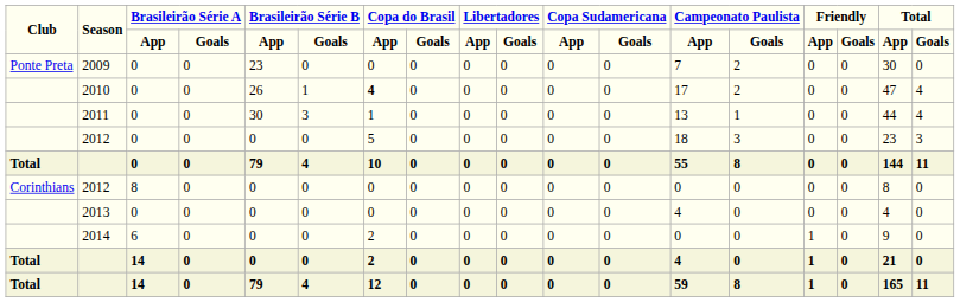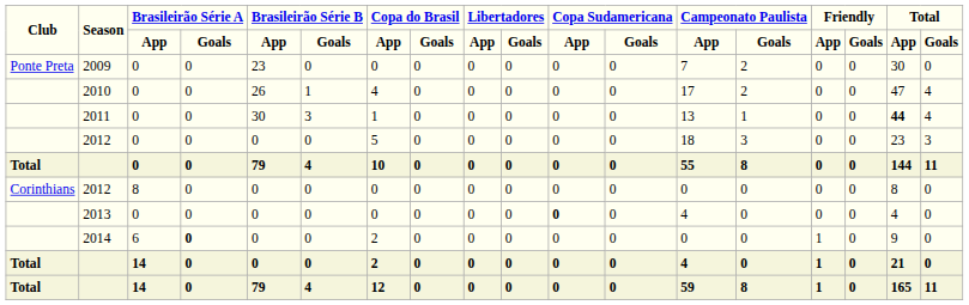 <table border="1" cellpadding="4" cellspacing="2" style="margin:auto; background:ivory; font-size:95%; border:1px #aaa solid; border-collapse:collapse; clear:center;">
 <tr>
 <th rowspan="2">Club</th>
 <th rowspan="2">Season</th>
 <th colspan="2"><a href='#'>Brasileirão Série A</a></th>
 <th colspan="2"><a href='#'>Brasileirão Série B</a></th>
 <th colspan="2"><a href='#'>Copa do Brasil</a></th>
 <th colspan="2"><a href='#'>Libertadores</a></th>
 <th colspan="2"><a href='#'>Copa Sudamericana</a></th>
 <th colspan="2"><a href='#'>Campeonato Paulista</a></th>
 <th colspan="2">Friendly</th>
 <th colspan="2">Total</th>
 </tr>
 <tr>
 <th>App</th>
 <th>Goals</th>
 <th>App</th>
 <th>Goals</th>
 <th>App</th>
 <th>Goals</th>
 <th>App</th>
 <th>Goals</th>
 <th>App</th>
 <th>Goals</th>
 <th>App</th>
 <th>Goals</th>
 <th>App</th>
 <th>Goals</th>
 <th>App</th>
 <th>Goals</th>
 </tr>
 <tr>
 <td style="vertical-align:top;"><a href='#'>Ponte Preta</a></td>
 <td>2009</td>
 <td>0</td>
 <td>0</td>
 <td>23</td>
 <td>0</td>
 <td>0</td>
 <td>0</td>
 <td>0</td>
 <td>0</td>
 <td>0</td>
 <td>0</td>
 <td>7</td>
 <td>2</td>
 <td>0</td>
 <td>0</td>
 <td>30</td>
 <td>0</td>
 </tr>
 <tr>
 <td></td>
 <td>2010</td>
 <td>0</td>
 <td>0</td>
 <td>26</td>
 <td>1</td>
-<td><strong>4</strong></td>
+<td>4</td>
 <td>0</td>
 <td>0</td>
 <td>0</td>
 <td>0</td>
 <td>0</td>
 <td>17</td>
 <td>2</td>
 <td>0</td>
 <td>0</td>
 <td>47</td>
 <td>4</td>
 </tr>
 <tr>
 <td></td>
 <td>2011</td>
 <td>0</td>
 <td>0</td>
 <td>30</td>
 <td>3</td>
 <td>1</td>
 <td>0</td>
 <td>0</td>
 <td>0</td>
 <td>0</td>
 <td>0</td>
 <td>13</td>
 <td>1</td>
 <td>0</td>
 <td>0</td>
-<td>44</td>
+<td><strong>44</strong></td>
 <td>4</td>
 </tr>
 <tr>
 <td></td>
 <td>2012</td>
 <td>0</td>
 <td>0</td>
 <td>0</td>
 <td>0</td>
 <td>5</td>
 <td>0</td>
 <td>0</td>
 <td>0</td>
 <td>0</td>
 <td>0</td>
 <td>18</td>
 <td>3</td>
 <td>0</td>
 <td>0</td>
 <td>23</td>
 <td>3</td>
 </tr>
 <tr>
 <th style="text-align:left; background:beige;">Total</th>
 <th style="text-align:left; background:beige;"></th>
 <th style="text-align:left; background:beige;">0</th>
 <th style="text-align:left; background:beige;">0</th>
 <th style="text-align:left; background:beige;">79</th>
 <th style="text-align:left; background:beige;">4</th>
 <th style="text-align:left; background:beige;">10</th>
 <th style="text-align:left; background:beige;">0</th>
 <th style="text-align:left; background:beige;">0</th>
 <th style="text-align:left; background:beige;">0</th>
 <th style="text-align:left; background:beige;">0</th>
 <th style="text-align:left; background:beige;">0</th>
 <th style="text-align:left; background:beige;">55</th>
 <th style="text-align:left; background:beige;">8</th>
 <th style="text-align:left; background:beige;">0</th>
 <th style="text-align:left; background:beige;">0</th>
 <th style="text-align:left; background:beige;">144</th>
 <th style="text-align:left; background:beige;">11</th>
 </tr>
 <tr>
 <td style="vertical-align:top;"><a href='#'>Corinthians</a></td>
 <td>2012</td>
 <td>8</td>
 <td>0</td>
 <td>0</td>
 <td>0</td>
 <td>0</td>
 <td>0</td>
 <td>0</td>
 <td>0</td>
 <td>0</td>
 <td>0</td>
 <td>0</td>
 <td>0</td>
 <td>0</td>
 <td>0</td>
 <td>8</td>
 <td>0</td>
 </tr>
 <tr>
 <td></td>
 <td>2013</td>
 <td>0</td>
 <td>0</td>
 <td>0</td>
 <td>0</td>
 <td>0</td>
 <td>0</td>
 <td>0</td>
 <td>0</td>
-<td>0</td>
+<td><strong>0</strong></td>
 <td>0</td>
 <td>4</td>
 <td>0</td>
 <td>0</td>
 <td>0</td>
 <td>4</td>
 <td>0</td>
 </tr>
 <tr>
 <td></td>
 <td>2014</td>
 <td>6</td>
-<td>0</td>
+<td><strong>0</strong></td>
 <td>0</td>
 <td>0</td>
 <td>2</td>
 <td>0</td>
 <td>0</td>
 <td>0</td>
 <td>0</td>
 <td>0</td>
 <td>0</td>
 <td>0</td>
 <td>1</td>
 <td>0</td>
 <td>9</td>
 <td>0</td>
 </tr>
 <tr>
 <th style="text-align:left; background:beige;">Total</th>
 <th style="text-align:left; background:beige;"></th>
 <th style="text-align:left; background:beige;">14</th>
 <th style="text-align:left; background:beige;">0</th>
 <th style="text-align:left; background:beige;">0</th>
 <th style="text-align:left; background:beige;">0</th>
 <th style="text-align:left; background:beige;">2</th>
 <th style="text-align:left; background:beige;">0</th>
 <th style="text-align:left; background:beige;">0</th>
 <th style="text-align:left; background:beige;">0</th>
 <th style="text-align:left; background:beige;">0</th>
 <th style="text-align:left; background:beige;">0</th>
 <th style="text-align:left; background:beige;">4</th>
 <th style="text-align:left; background:beige;">0</th>
 <th style="text-align:left; background:beige;">1</th>
 <th style="text-align:left; background:beige;">0</th>
 <th style="text-align:left; background:beige;">21</th>
 <th style="text-align:left; background:beige;">0</th>
 </tr>
 <tr>
 <th style="text-align:left; background:beige;">Total</th>
 <th style="text-align:left; background:beige;"></th>
 <th style="text-align:left; background:beige;">14</th>
 <th style="text-align:left; background:beige;">0</th>
 <th style="text-align:left; background:beige;">79</th>
 <th style="text-align:left; background:beige;">4</th>
 <th style="text-align:left; background:beige;">12</th>
 <th style="text-align:left; background:beige;">0</th>
 <th style="text-align:left; background:beige;">0</th>
 <th style="text-align:left; background:beige;">0</th>
 <th style="text-align:left; background:beige;">0</th>
 <th style="text-align:left; background:beige;">0</th>
 <th style="text-align:left; background:beige;">59</th>
 <th style="text-align:left; background:beige;">8</th>
 <th style="text-align:left; background:beige;">1</th>
 <th style="text-align:left; background:beige;">0</th>
 <th style="text-align:left; background:beige;">165</th>
 <th style="text-align:left; background:beige;">11</th>
 </tr>
 </table>
